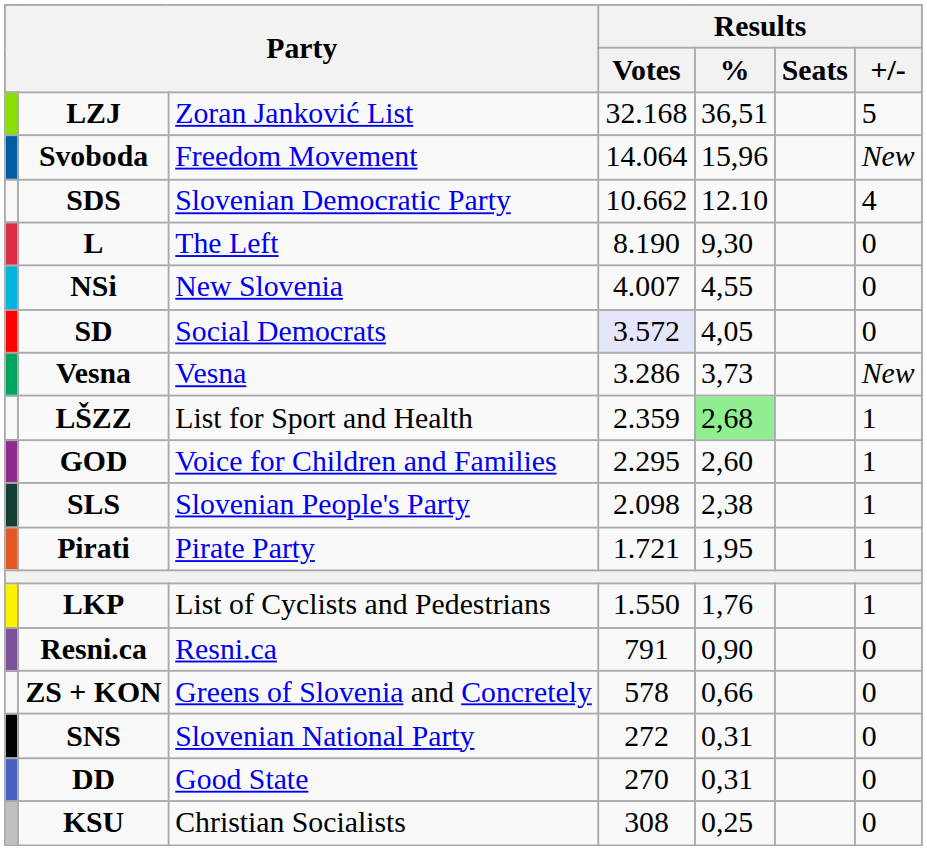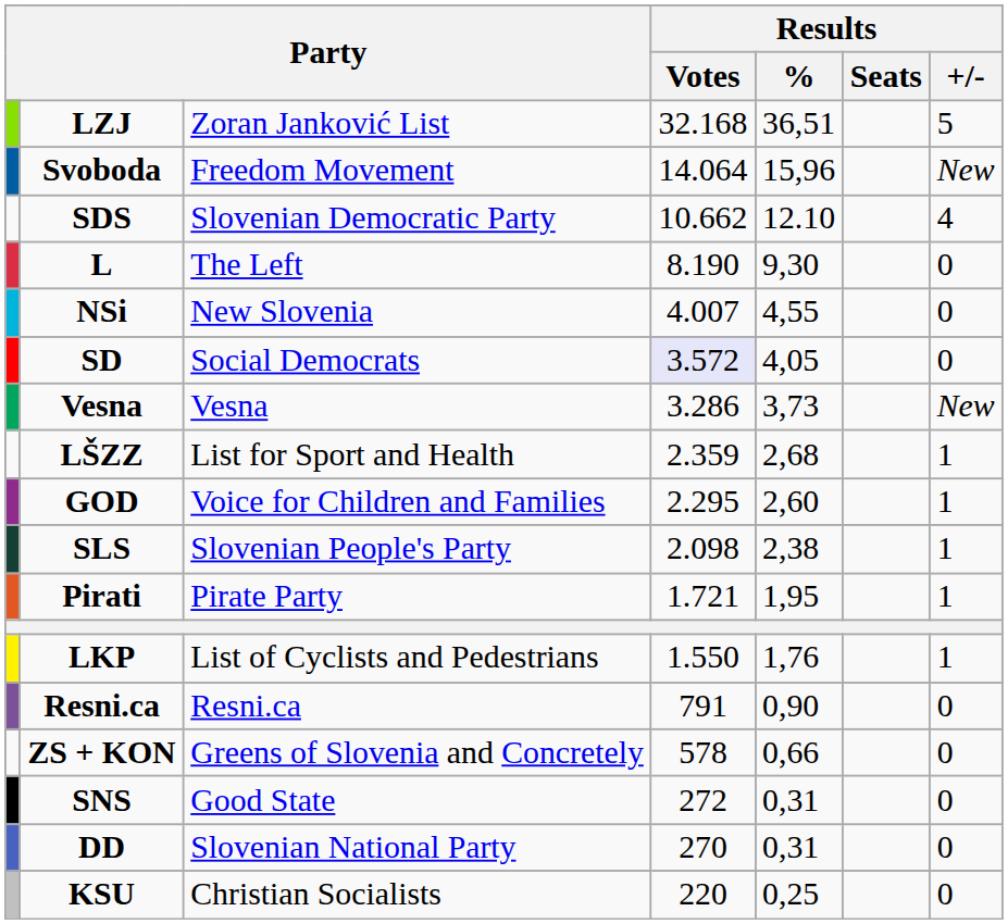 <table class="wikitable" style="line-height:16px;">
 <tr>
 <th colspan="3" rowspan="2">Party</th>
 <th colspan="5">Results</th>
 </tr>
 <tr>
 <th>Votes</th>
 <th>%</th>
 <th>Seats</th>
 <th>+/-</th>
 </tr>
 <tr>
 <td style="background:#87e002"></td>
 <td style="text-align:center;"><strong>LZJ</strong></td>
 <td><a href='#'>Zoran Janković List</a></td>
 <td style="text-align:center;">32.168</td>
 <td>36,51</td>
 <td style="text-align:center;"></td>
 <td> 5</td>
 </tr>
 <tr>
 <td style="background:#005DA4"></td>
 <td style="text-align:center;"><strong>Svoboda</strong></td>
 <td><a href='#'>Freedom Movement</a></td>
 <td style="text-align:center;">14.064</td>
 <td>15,96</td>
 <td style="text-align:center;"></td>
 <td><em>New</em></td>
 </tr>
 <tr>
 <td style="background:"></td>
 <td style="text-align:center;"><strong>SDS</strong></td>
 <td><a href='#'>Slovenian Democratic Party</a></td>
 <td style="text-align:center;">10.662</td>
 <td>12.10</td>
 <td style="text-align:center;"></td>
 <td> 4</td>
 </tr>
 <tr>
 <td style="background:#DB2D43"></td>
 <td style="text-align:center;"><strong>L</strong></td>
 <td><a href='#'>The Left</a></td>
 <td style="text-align:center;">8.190</td>
 <td>9,30</td>
 <td style="text-align:center;"></td>
 <td> 0</td>
 </tr>
 <tr>
 <td style="background:#00b5dd"></td>
 <td style="text-align:center;"><strong>NSi</strong></td>
 <td><a href='#'>New Slovenia</a></td>
 <td style="text-align:center;">4.007</td>
 <td>4,55</td>
 <td style="text-align:center;"></td>
 <td> 0</td>
 </tr>
 <tr>
 <td style="background:#FF0000"></td>
 <td style="text-align:center;"><strong>SD</strong></td>
 <td><a href='#'>Social Democrats</a></td>
 <td style="background: lavender; text-align:center;">3.572</td>
 <td>4,05</td>
 <td style="text-align:center;"></td>
 <td> 0</td>
 </tr>
 <tr>
 <td style="background:#00a65e"></td>
 <td style="text-align:center;"><strong>Vesna</strong></td>
 <td><a href='#'>Vesna</a></td>
 <td style="text-align:center;">3.286</td>
 <td>3,73</td>
 <td style="text-align:center;"></td>
 <td><em>New</em></td>
 </tr>
 <tr>
 <td style="background:"></td>
 <td style="text-align:center;"><strong>LŠZZ</strong></td>
 <td>List for Sport and Health</td>
 <td style="text-align:center;">2.359</td>
-<td style="background: lightgreen;">2,68</td>
+<td>2,68</td>
 <td style="text-align:center;"></td>
 <td> 1</td>
 </tr>
 <tr>
 <td style="background:#902b8e"></td>
 <td style="text-align:center;"><strong>GOD</strong></td>
 <td><a href='#'>Voice for Children and Families</a></td>
 <td style="text-align:center;">2.295</td>
 <td>2,60</td>
 <td style="text-align:center;"></td>
 <td> 1</td>
 </tr>
 <tr>
 <td style="background:#153f35"></td>
 <td style="text-align:center;"><strong>SLS</strong></td>
 <td><a href='#'>Slovenian People's Party</a></td>
 <td style="text-align:center;">2.098</td>
 <td>2,38</td>
 <td style="text-align:center;"></td>
 <td> 1</td>
 </tr>
 <tr>
 <td style="background:#E25822"></td>
 <td style="text-align:center;"><strong>Pirati</strong></td>
 <td><a href='#'>Pirate Party</a></td>
 <td style="text-align:center;">1.721</td>
 <td>1,95</td>
 <td style="text-align:center;"></td>
 <td> 1</td>
 </tr>
 <tr>
 <th colspan="7"></th>
 </tr>
 <tr>
 <td style="background:#FEF200"></td>
 <td style="text-align:center;"><strong>LKP</strong></td>
 <td>List of Cyclists and Pedestrians</td>
 <td style="text-align:center;">1.550</td>
 <td>1,76</td>
 <td style="text-align:center;"></td>
 <td> 1</td>
 </tr>
 <tr>
 <td style="background:#7c5199"></td>
 <td style="text-align:center;"><strong>Resni.ca</strong></td>
 <td><a href='#'>Resni.ca</a></td>
 <td style="text-align:center;">791</td>
 <td>0,90</td>
 <td style="text-align:center;"></td>
 <td> 0</td>
 </tr>
 <tr>
 <td style="background:"></td>
 <td style="text-align:center;"><strong>ZS + KON</strong></td>
 <td><a href='#'>Greens of Slovenia</a> and <a href='#'>Concretely</a></td>
 <td style="text-align:center;">578</td>
 <td>0,66</td>
 <td style="text-align:center;"></td>
 <td> 0</td>
 </tr>
 <tr>
 <td style="background:#000000"></td>
 <td style="text-align:center;"><strong>SNS</strong></td>
-<td><a href='#'>Slovenian National Party</a></td>
+<td><a href='#'>Good State</a></td>
 <td style="text-align:center;">272</td>
 <td>0,31</td>
 <td style="text-align:center;"></td>
 <td> 0</td>
 </tr>
 <tr>
 <td style="background:#4961c1"></td>
 <td style="text-align:center;"><strong>DD</strong></td>
-<td><a href='#'>Good State</a></td>
+<td><a href='#'>Slovenian National Party</a></td>
 <td style="text-align:center;">270</td>
 <td>0,31</td>
 <td style="text-align:center;"></td>
 <td> 0</td>
 </tr>
 <tr>
 <td style="background:#c0c0c0"></td>
 <td style="text-align:center;"><strong>KSU</strong></td>
 <td>Christian Socialists</td>
-<td style="text-align:center;">308</td>
+<td style="text-align:center;">220</td>
 <td>0,25</td>
 <td style="text-align:center;"></td>
 <td> 0</td>
 </tr>
 <tr>
 </tr>
 </table>
